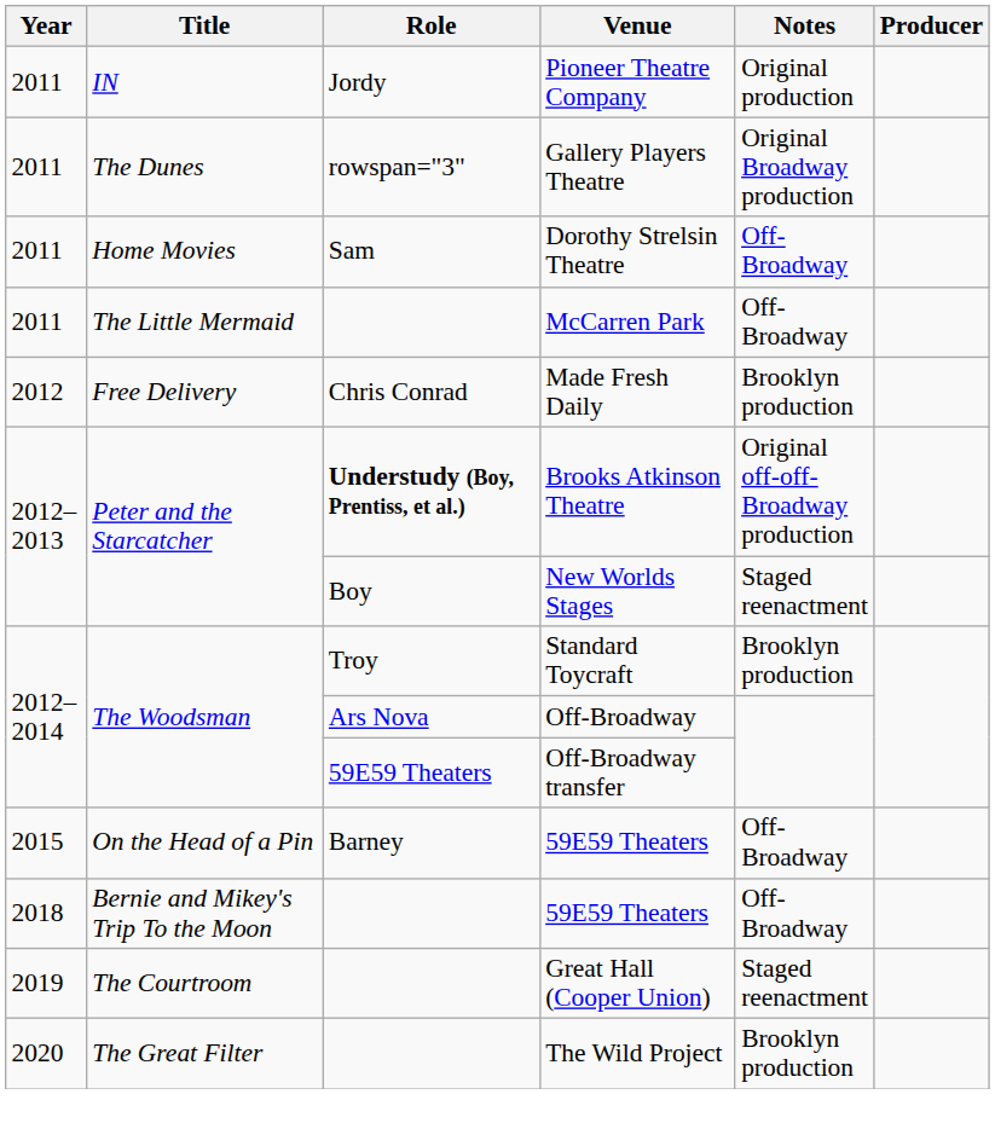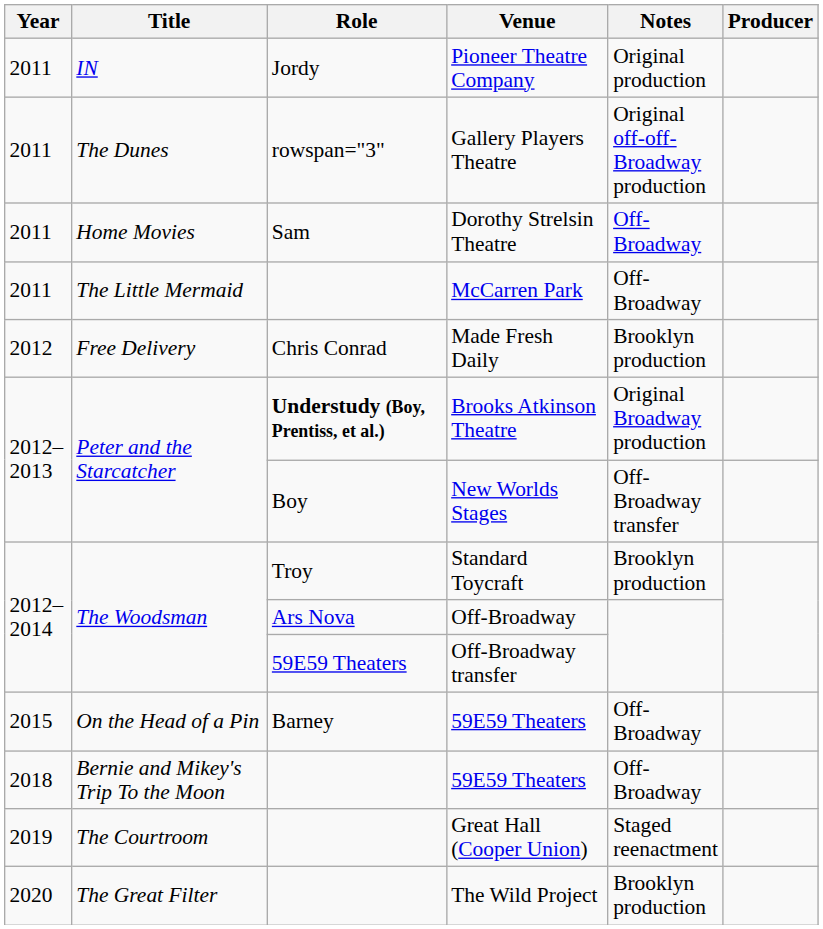 <table class="wikitable sortable plainrowheaders">
 <tr>
 <th scope="col" style="width:3em;">Year</th>
 <th scope="col" style="width:18em;">Title</th>
 <th scope="col" style="width:14em;">Role</th>
 <th scope="col" style="width:14em;">Venue</th>
 <th class="unsortable" scope="col">Notes</th>
 <th>Producer</th>
 </tr>
 <tr>
 <td>2011</td>
 <td><em><a href='#'>IN</a></em></td>
 <td>Jordy</td>
 <td><a href='#'>Pioneer Theatre Company</a></td>
 <td>Original production</td>
 <td></td>
 </tr>
 <tr>
 <td>2011</td>
 <td><em>The Dunes</em></td>
 <td>rowspan="3" </td>
 <td>Gallery Players Theatre</td>
-<td>Original <a href='#'>Broadway</a> production</td>
+<td>Original <a href='#'>off-off-Broadway</a> production</td>
 <td></td>
 </tr>
 <tr>
 <td>2011</td>
 <td><em>Home Movies</em></td>
 <td>Sam</td>
 <td>Dorothy Strelsin Theatre</td>
 <td><a href='#'>Off-Broadway</a></td>
 <td style="text-align: center;"></td>
 </tr>
 <tr>
 <td>2011</td>
 <td><em>The Little Mermaid</em></td>
 <td></td>
 <td><a href='#'>McCarren Park</a></td>
 <td>Off-Broadway</td>
 <td style="text-align: center;"></td>
 </tr>
 <tr>
 <td>2012</td>
 <td><em>Free Delivery</em></td>
 <td>Chris Conrad</td>
 <td>Made Fresh Daily</td>
 <td>Brooklyn production</td>
 <td style="text-align: center;"></td>
 </tr>
 <tr>
 <td rowspan="2">2012–2013</td>
 <td rowspan="2"><em><a href='#'>Peter and the Starcatcher</a></em></td>
 <td><strong>Understudy <small>(Boy, Prentiss, et al.)</small></strong></td>
 <td><a href='#'>Brooks Atkinson Theatre</a></td>
-<td>Original <a href='#'>off-off-Broadway</a> production</td>
+<td>Original <a href='#'>Broadway</a> production</td>
 <td></td>
 </tr>
 <tr>
 <td>Boy</td>
 <td><a href='#'>New Worlds Stages</a></td>
-<td>Staged reenactment</td>
+<td>Off-Broadway transfer</td>
 <td></td>
 </tr>
 <tr>
 <td rowspan="3">2012–2014</td>
 <td rowspan="3"><em><a href='#'>The Woodsman</a></em></td>
 <td>Troy</td>
 <td>Standard Toycraft</td>
 <td>Brooklyn production</td>
 <td rowspan="3" style="text-align: center;"></td>
 </tr>
 <tr>
 <td><a href='#'>Ars Nova</a></td>
 <td>Off-Broadway</td>
 </tr>
 <tr>
 <td><a href='#'>59E59 Theaters</a></td>
 <td>Off-Broadway transfer</td>
 </tr>
 <tr>
 <td>2015</td>
 <td><em>On the Head of a Pin</em></td>
 <td>Barney</td>
 <td><a href='#'>59E59 Theaters</a></td>
 <td>Off-Broadway</td>
 <td style="text-align: center;"></td>
 </tr>
 <tr>
 <td>2018</td>
 <td><em>Bernie and Mikey's Trip To the Moon</em></td>
 <td></td>
 <td><a href='#'>59E59 Theaters</a></td>
 <td>Off-Broadway</td>
 <td style="text-align: center;"></td>
 </tr>
 <tr>
 <td>2019</td>
 <td><em>The Courtroom</em></td>
 <td></td>
 <td>Great Hall (<a href='#'>Cooper Union</a>)</td>
 <td>Staged reenactment</td>
 <td></td>
 </tr>
 <tr>
 <td>2020</td>
 <td><em>The Great Filter</em></td>
 <td></td>
 <td>The Wild Project</td>
 <td>Brooklyn production</td>
 <td></td>
 </tr>
 </table>
